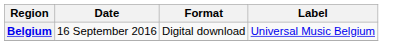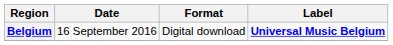 <table class="wikitable sortable plainrowheaders">
 <tr>
 <th scope="col">Region</th>
 <th scope="col">Date</th>
 <th scope="col">Format</th>
 <th scope="col">Label</th>
 </tr>
 <tr>
 <th scope="row"><a href='#'>Belgium</a></th>
 <td>16 September 2016</td>
 <td>Digital download</td>
-<td><a href='#'>Universal Music Belgium</a></td>
+<td><strong><a href='#'>Universal Music Belgium</a></strong></td>
 </tr>
 <tr>
 </tr>
 </table>
